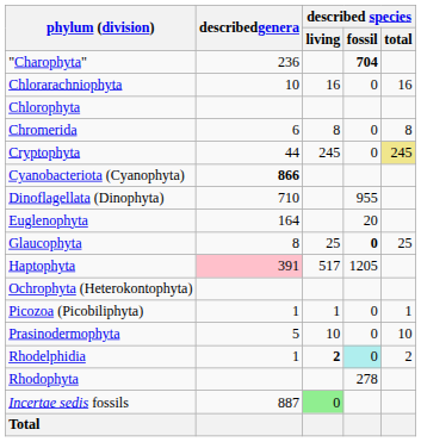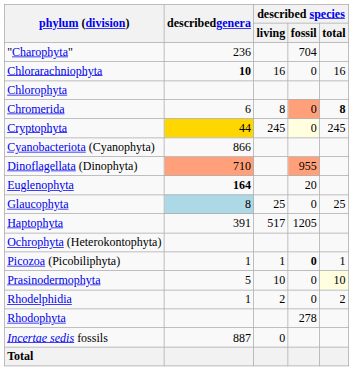 <table class="wikitable sortable">
 <tr>
 <th rowspan="2"><a href='#'>phylum</a> (<a href='#'>division</a>)</th>
 <th rowspan="2">described<a href='#'>genera</a></th>
 <th colspan="3">described <a href='#'>species</a></th>
 </tr>
 <tr>
 <th>living</th>
 <th>fossil</th>
 <th>total</th>
 </tr>
 <tr>
 <td>"<a href='#'>Charophyta</a>" </td>
 <td style="text-align:right">236</td>
 <td style="text-align:right"></td>
-<td style="text-align:right"><strong>704</strong></td>
+<td style="text-align:right">704</td>
 <td style="text-align:right"></td>
 </tr>
 <tr>
 <td><a href='#'>Chlorarachniophyta</a></td>
-<td style="text-align:right">10</td>
+<td style="text-align:right"><strong>10</strong></td>
 <td style="text-align:right">16</td>
 <td style="text-align:right">0</td>
 <td style="text-align:right">16</td>
 </tr>
 <tr>
 <td><a href='#'>Chlorophyta</a></td>
 <td style="text-align:right"></td>
 <td style="text-align:right"></td>
 <td style="text-align:right"></td>
 <td style="text-align:right"></td>
 </tr>
 <tr>
 <td><a href='#'>Chromerida</a></td>
 <td style="text-align:right">6</td>
 <td style="text-align:right">8</td>
-<td style="text-align:right">0</td>
-<td style="text-align:right">8</td>
+<td style="background: lightsalmon; text-align:right">0</td>
+<td style="text-align:right"><strong>8</strong></td>
 </tr>
 <tr>
 <td><a href='#'>Cryptophyta</a></td>
-<td style="text-align:right">44</td>
+<td style="background: gold; text-align:right">44</td>
 <td style="text-align:right">245</td>
-<td style="text-align:right">0</td>
-<td style="background: khaki; text-align:right">245</td>
+<td style="background: lightyellow; text-align:right">0</td>
+<td style="text-align:right">245</td>
 </tr>
 <tr>
 <td><a href='#'>Cyanobacteriota</a> (Cyanophyta)</td>
-<td style="text-align:right"><strong>866</strong></td>
+<td style="text-align:right">866</td>
 <td style="text-align:right"></td>
 <td style="text-align:right"></td>
 <td style="text-align:right"></td>
 </tr>
 <tr>
 <td><a href='#'>Dinoflagellata</a> (Dinophyta)</td>
-<td style="text-align:right">710</td>
+<td style="background: lightsalmon; text-align:right">710</td>
 <td style="text-align:right"></td>
-<td style="text-align:right">955</td>
+<td style="background: lightsalmon; text-align:right">955</td>
 <td style="text-align:right"></td>
 </tr>
 <tr>
 <td><a href='#'>Euglenophyta</a></td>
-<td style="text-align:right">164</td>
+<td style="text-align:right"><strong>164</strong></td>
 <td style="text-align:right"></td>
 <td style="text-align:right">20</td>
 <td style="text-align:right"></td>
 </tr>
 <tr>
 <td><a href='#'>Glaucophyta</a></td>
-<td style="text-align:right">8</td>
+<td style="background: lightblue; text-align:right">8</td>
 <td style="text-align:right">25</td>
-<td style="text-align:right"><strong>0</strong></td>
+<td style="text-align:right">0</td>
 <td style="text-align:right">25</td>
 </tr>
 <tr>
 <td><a href='#'>Haptophyta</a></td>
-<td style="background: pink; text-align:right">391</td>
+<td style="text-align:right">391</td>
 <td style="text-align:right">517</td>
 <td style="text-align:right">1205</td>
 <td style="text-align:right"></td>
 </tr>
 <tr>
 <td><a href='#'>Ochrophyta</a> (Heterokontophyta)</td>
 <td style="text-align:right"></td>
 <td style="text-align:right"></td>
 <td style="text-align:right"></td>
 <td style="text-align:right"></td>
 </tr>
 <tr>
 <td><a href='#'>Picozoa</a> (Picobiliphyta)</td>
 <td style="text-align:right">1</td>
 <td style="text-align:right">1</td>
-<td style="text-align:right">0</td>
+<td style="text-align:right"><strong>0</strong></td>
 <td style="text-align:right">1</td>
 </tr>
 <tr>
 <td><a href='#'>Prasinodermophyta</a></td>
 <td style="text-align:right">5</td>
 <td style="text-align:right">10</td>
 <td style="text-align:right">0</td>
-<td style="text-align:right">10</td>
+<td style="background: lightyellow; text-align:right">10</td>
 </tr>
 <tr>
 <td><a href='#'>Rhodelphidia</a></td>
 <td style="text-align:right">1</td>
-<td style="text-align:right"><strong>2</strong></td>
-<td style="background: paleturquoise; text-align:right">0</td>
+<td style="text-align:right">2</td>
+<td style="text-align:right">0</td>
 <td style="text-align:right">2</td>
 </tr>
 <tr>
 <td><a href='#'>Rhodophyta</a></td>
 <td style="text-align:right"></td>
 <td style="text-align:right"></td>
 <td style="text-align:right">278</td>
 <td style="text-align:right"></td>
 </tr>
 <tr>
 <td><em><a href='#'>Incertae sedis</a></em> fossils</td>
 <td style="text-align:right">887</td>
-<td style="background: lightgreen; text-align:right">0</td>
+<td style="text-align:right">0</td>
 <td style="text-align:right"></td>
 <td style="text-align:right"></td>
 </tr>
 <tr>
 <th style = "text-align:left">Total</th>
 <th style="text-align:right"></th>
 <th style="text-align:right"></th>
 <th style="text-align:right"></th>
 <th style="text-align:right"></th>
 </tr>
 </table>
